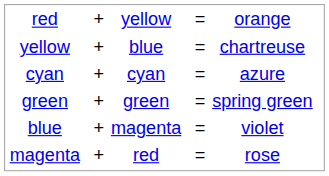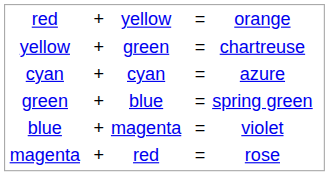 <table style="background-color:white; border:1px #aaa solid" cellpadding="2px">
 <tr>
 <td align="center"><a href='#'>red</a></td>
 <td></td>
 <td>+</td>
 <td align="center"><a href='#'>yellow</a></td>
 <td></td>
 <td>=</td>
 <td align="center"><a href='#'>orange</a></td>
 <td></td>
 </tr>
 <tr>
 <td align="center"><a href='#'>yellow</a></td>
 <td></td>
 <td>+</td>
-<td align="center"><a href='#'>blue</a></td>
+<td align="center"><a href='#'>green</a></td>
 <td></td>
 <td>=</td>
 <td align="center"><a href='#'>chartreuse</a></td>
 <td></td>
 </tr>
 <tr>
 <td align="center"><a href='#'>cyan</a></td>
 <td></td>
 <td>+</td>
 <td align="center"><a href='#'>cyan</a></td>
 <td></td>
 <td>=</td>
 <td align="center"><a href='#'>azure</a></td>
 <td></td>
 </tr>
 <tr>
 <td align="center"><a href='#'>green</a></td>
 <td></td>
 <td>+</td>
-<td align="center"><a href='#'>green</a></td>
+<td align="center"><a href='#'>blue</a></td>
 <td></td>
 <td>=</td>
 <td align="center"><a href='#'>spring green</a></td>
 <td></td>
 </tr>
 <tr>
 <td align="center"><a href='#'>blue</a></td>
 <td></td>
 <td>+</td>
 <td align="center"><a href='#'>magenta</a></td>
 <td></td>
 <td>=</td>
 <td align="center"><a href='#'>violet</a></td>
 <td></td>
 </tr>
 <tr>
 <td align="center"><a href='#'>magenta</a></td>
 <td></td>
 <td>+</td>
 <td align="center"><a href='#'>red</a></td>
 <td></td>
 <td>=</td>
 <td align="center"><a href='#'>rose</a></td>
 <td></td>
 </tr>
 </table>
